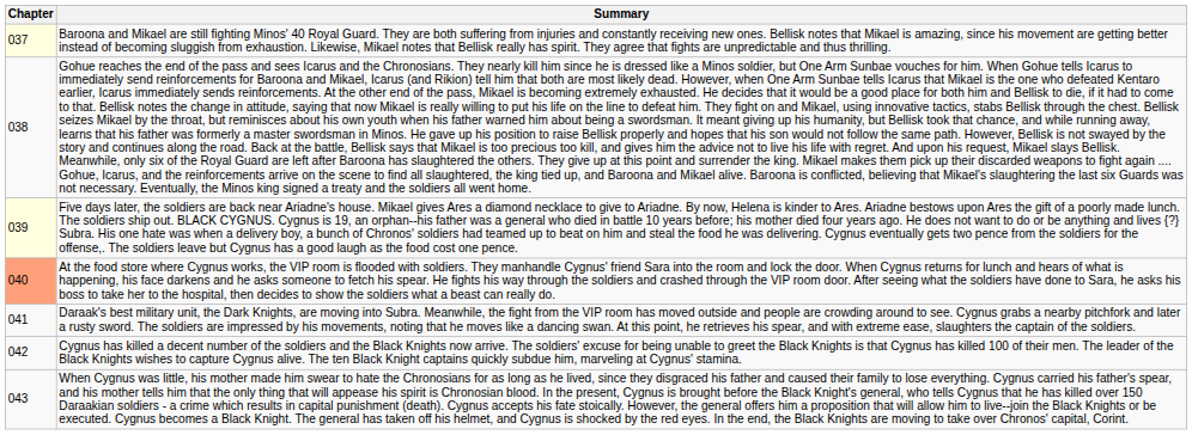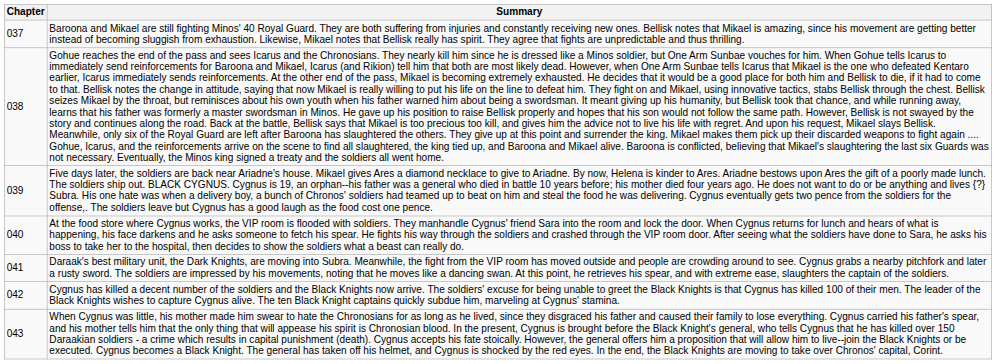 <table class="wikitable">
 <tr>
 <th>Chapter</th>
 <th>Summary</th>
 </tr>
 <tr>
-<td style="background: lightyellow;">037</td>
+<td>037</td>
 <td>Baroona and Mikael are still fighting Minos' 40 Royal Guard. They are both suffering from injuries and constantly receiving new ones. Bellisk notes that Mikael is amazing, since his movement are getting better instead of becoming sluggish from exhaustion. Likewise, Mikael notes that Bellisk really has spirit. They agree that fights are unpredictable and thus thrilling.</td>
 </tr>
 <tr>
 <td>038</td>
 <td>Gohue reaches the end of the pass and sees Icarus and the Chronosians. They nearly kill him since he is dressed like a Minos soldier, but One Arm Sunbae vouches for him. When Gohue tells Icarus to immediately send reinforcements for Baroona and Mikael, Icarus (and Rikion) tell him that both are most likely dead. However, when One Arm Sunbae tells Icarus that Mikael is the one who defeated Kentaro earlier, Icarus immediately sends reinforcements. At the other end of the pass, Mikael is becoming extremely exhausted. He decides that it would be a good place for both him and Bellisk to die, if it had to come to that. Bellisk notes the change in attitude, saying that now Mikael is really willing to put his life on the line to defeat him. They fight on and Mikael, using innovative tactics, stabs Bellisk through the chest. Bellisk seizes Mikael by the throat, but reminisces about his own youth when his father warned him about being a swordsman. It meant giving up his humanity, but Bellisk took that chance, and while running away, learns that his father was formerly a master swordsman in Minos. He gave up his position to raise Bellisk properly and hopes that his son would not follow the same path. However, Bellisk is not swayed by the story and continues along the road. Back at the battle, Bellisk says that Mikael is too precious too kill, and gives him the advice not to live his life with regret. And upon his request, Mikael slays Bellisk. Meanwhile, only six of the Royal Guard are left after Baroona has slaughtered the others. They give up at this point and surrender the king. Mikael makes them pick up their discarded weapons to fight again .... Gohue, Icarus, and the reinforcements arrive on the scene to find all slaughtered, the king tied up, and Baroona and Mikael alive. Baroona is conflicted, believing that Mikael's slaughtering the last six Guards was not necessary. Eventually, the Minos king signed a treaty and the soldiers all went home.</td>
 </tr>
 <tr>
-<td style="background: lightyellow;">039</td>
+<td>039</td>
 <td>Five days later, the soldiers are back near Ariadne's house. Mikael gives Ares a diamond necklace to give to Ariadne. By now, Helena is kinder to Ares. Ariadne bestows upon Ares the gift of a poorly made lunch. The soldiers ship out. BLACK CYGNUS. Cygnus is 19, an orphan--his father was a general who died in battle 10 years before; his mother died four years ago. He does not want to do or be anything and lives {?} Subra. His one hate was when a delivery boy, a bunch of Chronos' soldiers had teamed up to beat on him and steal the food he was delivering. Cygnus eventually gets two pence from the soldiers for the offense,. The soldiers leave but Cygnus has a good laugh as the food cost one pence.</td>
 </tr>
 <tr>
-<td style="background: lightsalmon;">040</td>
+<td>040</td>
 <td>At the food store where Cygnus works, the VIP room is flooded with soldiers. They manhandle Cygnus' friend Sara into the room and lock the door. When Cygnus returns for lunch and hears of what is happening, his face darkens and he asks someone to fetch his spear. He fights his way through the soldiers and crashed through the VIP room door. After seeing what the soldiers have done to Sara, he asks his boss to take her to the hospital, then decides to show the soldiers what a beast can really do.</td>
 </tr>
 <tr>
 <td>041</td>
 <td>Daraak's best military unit, the Dark Knights, are moving into Subra. Meanwhile, the fight from the VIP room has moved outside and people are crowding around to see. Cygnus grabs a nearby pitchfork and later a rusty sword. The soldiers are impressed by his movements, noting that he moves like a dancing swan. At this point, he retrieves his spear, and with extreme ease, slaughters the captain of the soldiers.</td>
 </tr>
 <tr>
 <td>042</td>
 <td>Cygnus has killed a decent number of the soldiers and the Black Knights now arrive. The soldiers' excuse for being unable to greet the Black Knights is that Cygnus has killed 100 of their men. The leader of the Black Knights wishes to capture Cygnus alive. The ten Black Knight captains quickly subdue him, marveling at Cygnus' stamina.</td>
 </tr>
 <tr>
 <td>043</td>
 <td>When Cygnus was little, his mother made him swear to hate the Chronosians for as long as he lived, since they disgraced his father and caused their family to lose everything. Cygnus carried his father's spear, and his mother tells him that the only thing that will appease his spirit is Chronosian blood. In the present, Cygnus is brought before the Black Knight's general, who tells Cygnus that he has killed over 150 Daraakian soldiers - a crime which results in capital punishment (death). Cygnus accepts his fate stoically. However, the general offers him a proposition that will allow him to live--join the Black Knights or be executed. Cygnus becomes a Black Knight. The general has taken off his helmet, and Cygnus is shocked by the red eyes. In the end, the Black Knights are moving to take over Chronos' capital, Corint.</td>
 </tr>
 </table>
